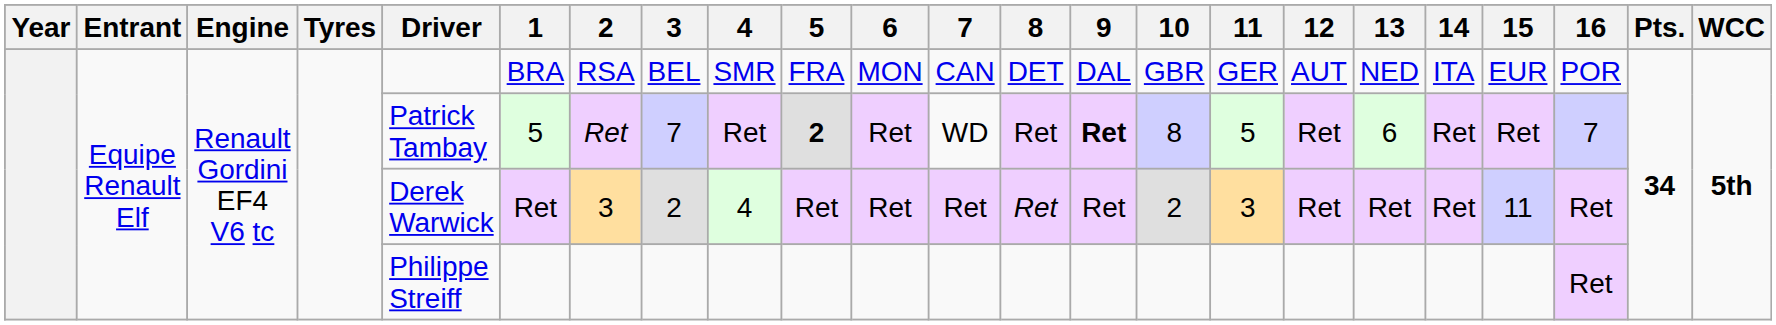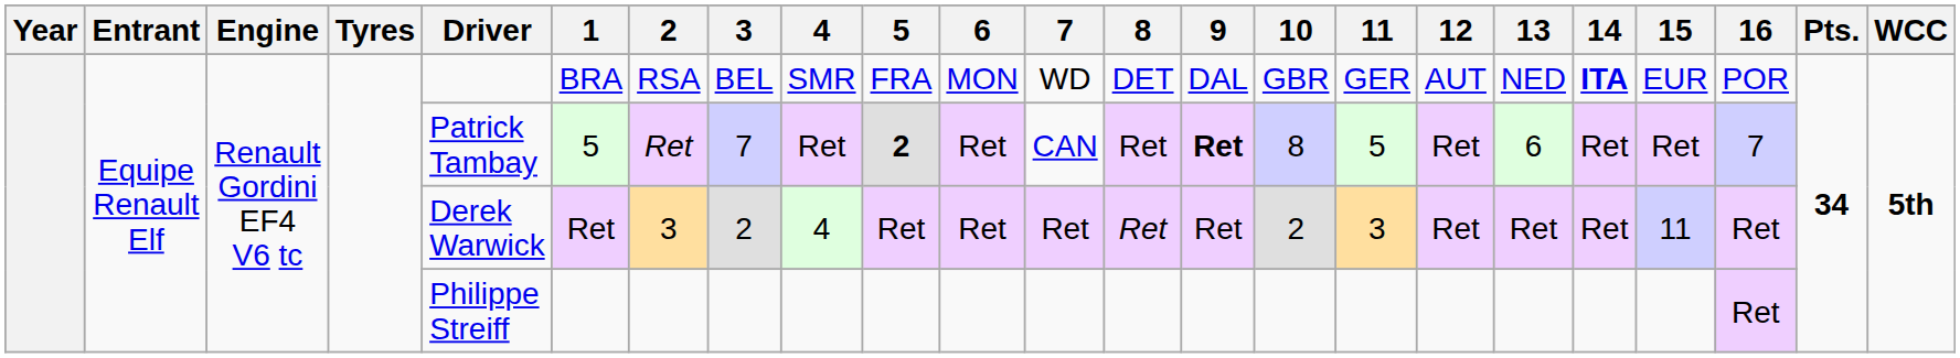 <table class="wikitable" style="text-align:center; font-size:95%">
 <tr>
 <th>Year</th>
 <th>Entrant</th>
 <th>Engine</th>
 <th>Tyres</th>
 <th>Driver</th>
 <th>1</th>
 <th>2</th>
 <th>3</th>
 <th>4</th>
 <th>5</th>
 <th>6</th>
 <th>7</th>
 <th>8</th>
 <th>9</th>
 <th>10</th>
 <th>11</th>
 <th>12</th>
 <th>13</th>
 <th>14</th>
 <th>15</th>
 <th>16</th>
 <th>Pts.</th>
 <th>WCC</th>
 </tr>
 <tr>
 <th rowspan="4"></th>
 <td rowspan="4"><a href='#'>Equipe Renault</a> <a href='#'>Elf</a></td>
 <td rowspan="4"><a href='#'>Renault Gordini</a> EF4<br><a href='#'>V6</a> <a href='#'>tc</a></td>
 <td rowspan="4"></td>
 <td></td>
 <td><a href='#'>BRA</a></td>
 <td><a href='#'>RSA</a></td>
 <td><a href='#'>BEL</a></td>
 <td><a href='#'>SMR</a></td>
 <td><a href='#'>FRA</a></td>
 <td><a href='#'>MON</a></td>
-<td><a href='#'>CAN</a></td>
+<td>WD</td>
 <td><a href='#'>DET</a></td>
 <td><a href='#'>DAL</a></td>
 <td><a href='#'>GBR</a></td>
 <td><a href='#'>GER</a></td>
 <td><a href='#'>AUT</a></td>
 <td><a href='#'>NED</a></td>
-<td><a href='#'>ITA</a></td>
+<td><strong><a href='#'>ITA</a></strong></td>
 <td><a href='#'>EUR</a></td>
 <td><a href='#'>POR</a></td>
 <td rowspan="4"><strong>34</strong></td>
 <td rowspan="4"><strong>5th</strong></td>
 </tr>
 <tr>
 <td align="left"><a href='#'>Patrick Tambay</a></td>
 <td style="background:#dfffdf;">5</td>
 <td style="background:#efcfff;"><em>Ret</em></td>
 <td style="background:#cfcfff;">7</td>
 <td style="background:#efcfff;">Ret</td>
 <td style="background:#dfdfdf;"><strong>2</strong></td>
 <td style="background:#efcfff;">Ret</td>
-<td>WD</td>
+<td><a href='#'>CAN</a></td>
 <td style="background:#efcfff;">Ret</td>
 <td style="background:#efcfff;"><strong>Ret</strong></td>
 <td style="background:#cfcfff;">8</td>
 <td style="background:#dfffdf;">5</td>
 <td style="background:#efcfff;">Ret</td>
 <td style="background:#dfffdf;">6</td>
 <td style="background:#efcfff;">Ret</td>
 <td style="background:#efcfff;">Ret</td>
 <td style="background:#cfcfff;">7</td>
 </tr>
 <tr>
 <td align="left"><a href='#'>Derek Warwick</a></td>
 <td style="background:#efcfff;">Ret</td>
 <td style="background:#ffdf9f;">3</td>
 <td style="background:#dfdfdf;">2</td>
 <td style="background:#dfffdf;">4</td>
 <td style="background:#efcfff;">Ret</td>
 <td style="background:#efcfff;">Ret</td>
 <td style="background:#efcfff;">Ret</td>
 <td style="background:#efcfff;"><em>Ret</em></td>
 <td style="background:#efcfff;">Ret</td>
 <td style="background:#dfdfdf;">2</td>
 <td style="background:#ffdf9f;">3</td>
 <td style="background:#efcfff;">Ret</td>
 <td style="background:#efcfff;">Ret</td>
 <td style="background:#efcfff;">Ret</td>
 <td style="background:#cfcfff;">11</td>
 <td style="background:#efcfff;">Ret</td>
 </tr>
 <tr>
 <td align="left"><a href='#'>Philippe Streiff</a></td>
 <td></td>
 <td></td>
 <td></td>
 <td></td>
 <td></td>
 <td></td>
 <td></td>
 <td></td>
 <td></td>
 <td></td>
 <td></td>
 <td></td>
 <td></td>
 <td></td>
 <td></td>
 <td style="background:#efcfff;">Ret</td>
 </tr>
 </table>
